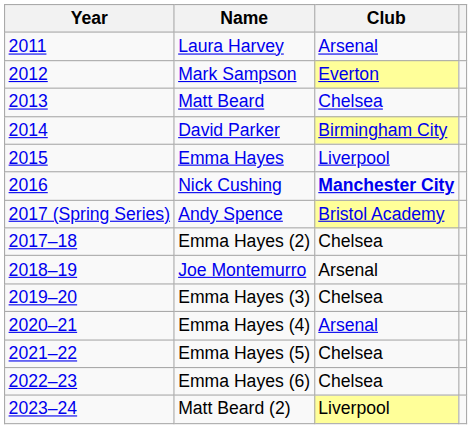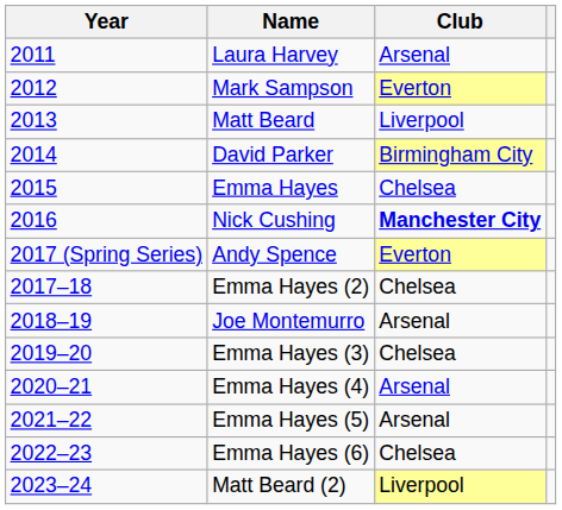 <table class="wikitable">
 <tr>
 <th scope=col>Year</th>
 <th scope=col>Name</th>
 <th scope=col>Club</th>
 <th scope=col></th>
 </tr>
 <tr>
 <td><a href='#'>2011</a></td>
 <td> <a href='#'>Laura Harvey</a></td>
 <td><a href='#'>Arsenal</a></td>
 <td></td>
 </tr>
 <tr>
 <td><a href='#'>2012</a></td>
 <td> <a href='#'>Mark Sampson</a></td>
 <td style="background:#ff9"><a href='#'>Everton</a> </td>
 <td></td>
 </tr>
 <tr>
 <td><a href='#'>2013</a></td>
 <td> <a href='#'>Matt Beard</a></td>
-<td><a href='#'>Chelsea</a></td>
+<td><a href='#'>Liverpool</a></td>
 <td></td>
 </tr>
 <tr>
 <td><a href='#'>2014</a></td>
 <td> <a href='#'>David Parker</a></td>
 <td style="background:#ff9"><a href='#'>Birmingham City</a> </td>
 <td></td>
 </tr>
 <tr>
 <td><a href='#'>2015</a></td>
 <td> <a href='#'>Emma Hayes</a></td>
-<td><a href='#'>Liverpool</a></td>
+<td><a href='#'>Chelsea</a></td>
 <td></td>
 </tr>
 <tr>
 <td><a href='#'>2016</a></td>
 <td> <a href='#'>Nick Cushing</a></td>
 <td><strong><a href='#'>Manchester City</a></strong></td>
 <td></td>
 </tr>
 <tr>
 <td><a href='#'>2017 (Spring Series)</a></td>
 <td> <a href='#'>Andy Spence</a></td>
-<td style="background:#ff9"><a href='#'>Bristol Academy</a> </td>
+<td style="background:#ff9"><a href='#'>Everton</a> </td>
 <td></td>
 </tr>
 <tr>
 <td><a href='#'>2017–18</a></td>
 <td> Emma Hayes (2)</td>
 <td>Chelsea</td>
 <td></td>
 </tr>
 <tr>
 <td><a href='#'>2018–19</a></td>
 <td> <a href='#'>Joe Montemurro</a></td>
 <td>Arsenal</td>
 <td></td>
 </tr>
 <tr>
 <td><a href='#'>2019–20</a></td>
 <td> Emma Hayes (3)</td>
 <td>Chelsea</td>
 <td></td>
 </tr>
 <tr>
 <td><a href='#'>2020–21</a></td>
 <td> Emma Hayes (4)</td>
 <td><a href='#'>Arsenal</a></td>
 <td></td>
 </tr>
 <tr>
 <td><a href='#'>2021–22</a></td>
 <td> Emma Hayes (5)</td>
-<td>Chelsea</td>
+<td>Arsenal</td>
 <td></td>
 </tr>
 <tr>
 <td><a href='#'>2022–23</a></td>
 <td> Emma Hayes (6)</td>
 <td>Chelsea</td>
 <td></td>
 </tr>
 <tr>
 <td><a href='#'>2023–24</a></td>
 <td> Matt Beard (2)</td>
 <td style="background:#ff9">Liverpool </td>
 <td></td>
 </tr>
 </table>
